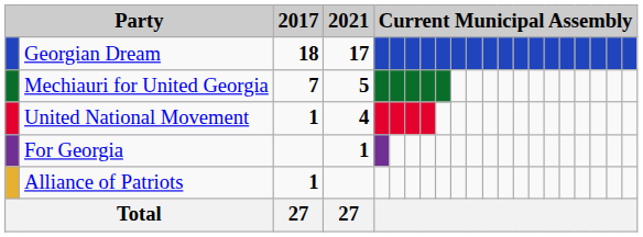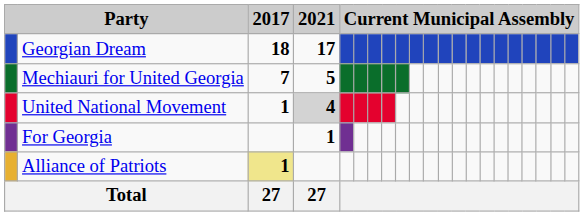 <table class="wikitable">
 <tr>
 <th colspan="2" style="background:#ccc">Party</th>
 <th style="background:#ccc">2017</th>
 <th style="background:#ccc">2021</th>
 <th colspan="20" style="background:#ccc">Current Municipal Assembly</th>
 </tr>
 <tr>
 <td style="background-color: #2044bc  "> </td>
 <td><a href='#'>Georgian Dream</a></td>
 <td style="text-align: right"><strong>18</strong></td>
 <td style="text-align: right"><strong>17</strong></td>
 <td style="background-color: #2044bc "></td>
 <td style="background-color: #2044bc "> </td>
 <td style="background-color: #2044bc "> </td>
 <td style="background-color: #2044bc "> </td>
 <td style="background-color: #2044bc "> </td>
 <td style="background-color: #2044bc "> </td>
 <td style="background-color: #2044bc "> </td>
 <td style="background-color: #2044bc "> </td>
 <td style="background-color: #2044bc "> </td>
 <td style="background-color: #2044bc "> </td>
 <td style="background-color: #2044bc "> </td>
 <td style="background-color: #2044bc "> </td>
 <td style="background-color: #2044bc "> </td>
 <td style="background-color: #2044bc "> </td>
 <td style="background-color: #2044bc "> </td>
 <td style="background-color: #2044bc "> </td>
 <td style="background-color: #2044bc "> </td>
 </tr>
 <tr>
 <td style="background-color: #0a6e2b  "> </td>
 <td><a href='#'>Mechiauri for United Georgia</a></td>
 <td style="text-align: right"><strong>7</strong></td>
 <td style="text-align: right"><strong>5</strong></td>
 <td style="background-color: #0a6e2b "> </td>
 <td style="background-color: #0a6e2b "> </td>
 <td style="background-color: #0a6e2b "> </td>
 <td style="background-color: #0a6e2b "> </td>
 <td style="background-color: #0a6e2b "> </td>
 <td></td>
 <td></td>
 <td></td>
 <td></td>
 <td></td>
 <td></td>
 <td></td>
 <td></td>
 <td></td>
 <td></td>
 <td></td>
 <td></td>
 </tr>
 <tr>
 <td style="background-color: #e4012e  "> </td>
 <td><a href='#'>United National Movement</a></td>
 <td style="text-align: right"><strong>1</strong></td>
-<td style="text-align: right"><strong>4</strong></td>
+<td style="background: lightgrey; text-align: right"><strong>4</strong></td>
 <td style="background-color: #e4012e "> </td>
 <td style="background-color: #e4012e "> </td>
 <td style="background-color: #e4012e "> </td>
 <td style="background-color: #e4012e "> </td>
 <td></td>
 <td></td>
 <td></td>
 <td></td>
 <td></td>
 <td></td>
 <td></td>
 <td></td>
 <td></td>
 <td></td>
 <td></td>
 <td></td>
 <td></td>
 </tr>
 <tr>
 <td style="background-color: #702F92  "> </td>
 <td><a href='#'>For Georgia</a></td>
 <td></td>
 <td style="text-align: right"><strong>1</strong></td>
 <td style="background-color: #702f92 "> </td>
 <td></td>
 <td></td>
 <td></td>
 <td></td>
 <td></td>
 <td></td>
 <td></td>
 <td></td>
 <td></td>
 <td></td>
 <td></td>
 <td></td>
 <td></td>
 <td></td>
 <td></td>
 <td></td>
 </tr>
 <tr>
 <td style="background-color: #e7b031 "> </td>
 <td><a href='#'>Alliance of Patriots</a></td>
-<td style="text-align: right"><strong>1</strong></td>
+<td style="background: khaki; text-align: right"><strong>1</strong></td>
 <td></td>
 <td></td>
 <td></td>
 <td></td>
 <td></td>
 <td></td>
 <td></td>
 <td></td>
 <td></td>
 <td></td>
 <td></td>
 <td></td>
 <td></td>
 <td></td>
 <td></td>
 <td></td>
 <td></td>
 <td></td>
 </tr>
 <tr>
 <th colspan="2">Total</th>
 <th align="right">27</th>
 <th align="right">27</th>
 <th colspan="35"> </th>
 </tr>
 </table>
